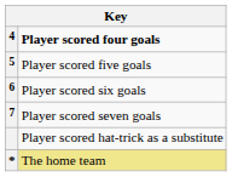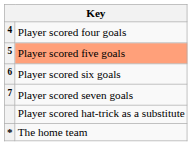 <table class="wikitable plainrowheaders">
 <tr>
 <th colspan="2" scope="col">Key</th>
 </tr>
 <tr>
 <th align="left" scope="row"><sup>4</sup></th>
-<td align="left"><strong>Player scored four goals</strong></td>
+<td align="left">Player scored four goals</td>
 </tr>
 <tr>
 <th align="left" scope="row"><sup>5</sup></th>
-<td align="left">Player scored five goals</td>
+<td align="left" style="background: lightsalmon;">Player scored five goals</td>
 </tr>
 <tr>
 <th align="left" scope="row"><sup>6</sup></th>
 <td align="left">Player scored six goals</td>
 </tr>
 <tr>
 <th align="left" scope="row"><sup>7</sup></th>
 <td align="left">Player scored seven goals</td>
 </tr>
 <tr>
 <th align="left" scope="row"></th>
 <td align="left">Player scored hat-trick as a substitute</td>
 </tr>
 <tr>
 <th align="left" scope="row">*</th>
-<td align="left" style="background: khaki;">The home team</td>
+<td align="left">The home team</td>
 </tr>
 </table>
